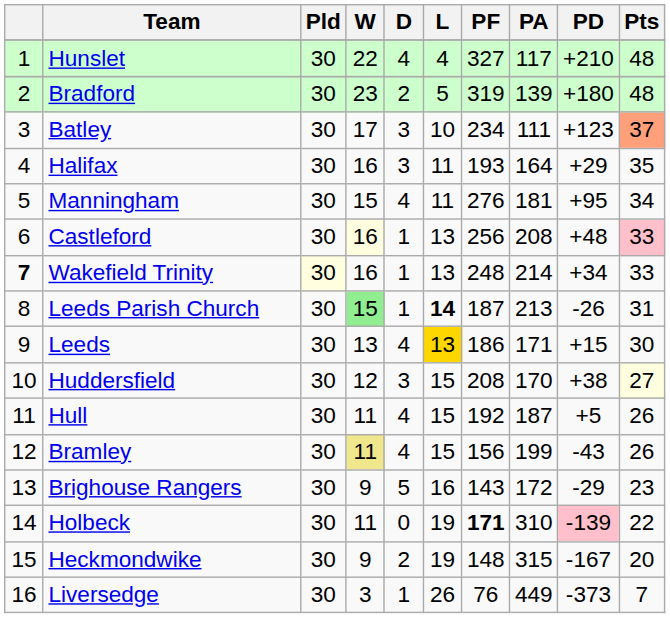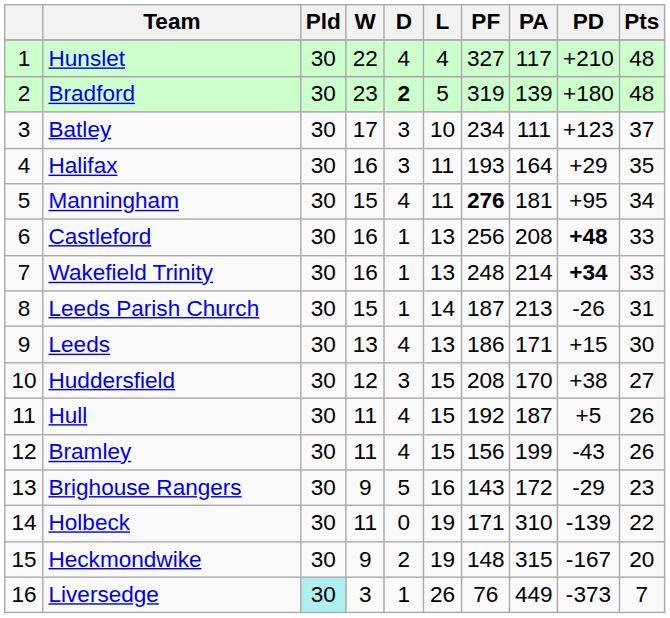 <table class="wikitable" style="text-align:center;">
 <tr>
 <th width=20 abbr="Position"></th>
 <th width=175>Team</th>
 <th width=20 abbr="Played">Pld</th>
 <th width=20 abbr="Won">W</th>
 <th width=20 abbr="Drawn">D</th>
 <th width=20 abbr="Lost">L</th>
 <th width=20 abbr="Points for">PF</th>
 <th width=20 abbr="Points against">PA</th>
 <th width=20 abbr="Points difference">PD</th>
 <th width=20 abbr="Points">Pts</th>
 </tr>
 <tr>
 </tr>
 <tr style="background:#ccffcc;">
 <td>1</td>
 <td style="text-align:left;"> <a href='#'>Hunslet</a></td>
 <td>30</td>
 <td>22</td>
 <td>4</td>
 <td>4</td>
 <td>327</td>
 <td>117</td>
 <td>+210</td>
 <td>48</td>
 </tr>
 <tr>
 </tr>
 <tr style="background:#ccffcc;">
 <td>2</td>
 <td style="text-align:left;"> <a href='#'>Bradford</a></td>
 <td>30</td>
 <td>23</td>
-<td>2</td>
+<td><strong>2</strong></td>
 <td>5</td>
 <td>319</td>
 <td>139</td>
 <td>+180</td>
 <td>48</td>
 </tr>
 <tr>
 <td>3</td>
 <td style="text-align:left;"> <a href='#'>Batley</a></td>
 <td>30</td>
 <td>17</td>
 <td>3</td>
 <td>10</td>
 <td>234</td>
 <td>111</td>
 <td>+123</td>
-<td style="background: lightsalmon;">37</td>
+<td>37</td>
 </tr>
 <tr>
 <td>4</td>
 <td style="text-align:left;"> <a href='#'>Halifax</a></td>
 <td>30</td>
 <td>16</td>
 <td>3</td>
 <td>11</td>
 <td>193</td>
 <td>164</td>
 <td>+29</td>
 <td>35</td>
 </tr>
 <tr>
 <td>5</td>
 <td style="text-align:left;"> <a href='#'>Manningham</a></td>
 <td>30</td>
 <td>15</td>
 <td>4</td>
 <td>11</td>
-<td>276</td>
+<td><strong>276</strong></td>
 <td>181</td>
 <td>+95</td>
 <td>34</td>
 </tr>
 <tr>
 <td>6</td>
 <td style="text-align:left;"> <a href='#'>Castleford</a></td>
 <td>30</td>
-<td style="background: lightyellow;">16</td>
+<td>16</td>
 <td>1</td>
 <td>13</td>
 <td>256</td>
 <td>208</td>
-<td>+48</td>
-<td style="background: pink;">33</td>
+<td><strong>+48</strong></td>
+<td>33</td>
 </tr>
 <tr>
-<td><strong>7</strong></td>
+<td>7</td>
 <td style="text-align:left;"> <a href='#'>Wakefield Trinity</a></td>
-<td style="background: lightyellow;">30</td>
+<td>30</td>
 <td>16</td>
 <td>1</td>
 <td>13</td>
 <td>248</td>
 <td>214</td>
-<td>+34</td>
+<td><strong>+34</strong></td>
 <td>33</td>
 </tr>
 <tr>
 <td>8</td>
 <td style="text-align:left;"><a href='#'>Leeds Parish Church</a></td>
 <td>30</td>
-<td style="background: lightgreen;">15</td>
+<td>15</td>
 <td>1</td>
-<td><strong>14</strong></td>
+<td>14</td>
 <td>187</td>
 <td>213</td>
 <td>-26</td>
 <td>31</td>
 </tr>
 <tr>
 <td>9</td>
 <td style="text-align:left;"> <a href='#'>Leeds</a></td>
 <td>30</td>
 <td>13</td>
 <td>4</td>
-<td style="background: gold;">13</td>
+<td>13</td>
 <td>186</td>
 <td>171</td>
 <td>+15</td>
 <td>30</td>
 </tr>
 <tr>
 <td>10</td>
 <td style="text-align:left;"> <a href='#'>Huddersfield</a></td>
 <td>30</td>
 <td>12</td>
 <td>3</td>
 <td>15</td>
 <td>208</td>
 <td>170</td>
 <td>+38</td>
-<td style="background: lightyellow;">27</td>
+<td>27</td>
 </tr>
 <tr>
 <td>11</td>
 <td style="text-align:left;"> <a href='#'>Hull</a></td>
 <td>30</td>
 <td>11</td>
 <td>4</td>
 <td>15</td>
 <td>192</td>
 <td>187</td>
 <td>+5</td>
 <td>26</td>
 </tr>
 <tr>
 <td>12</td>
 <td style="text-align:left;"><a href='#'>Bramley</a></td>
 <td>30</td>
-<td style="background: khaki;">11</td>
+<td>11</td>
 <td>4</td>
 <td>15</td>
 <td>156</td>
 <td>199</td>
 <td>-43</td>
 <td>26</td>
 </tr>
 <tr>
 <td>13</td>
 <td style="text-align:left;"><a href='#'>Brighouse Rangers</a></td>
 <td>30</td>
 <td>9</td>
 <td>5</td>
 <td>16</td>
 <td>143</td>
 <td>172</td>
 <td>-29</td>
 <td>23</td>
 </tr>
 <tr>
 <td>14</td>
 <td style="text-align:left;"><a href='#'>Holbeck</a></td>
 <td>30</td>
 <td>11</td>
 <td>0</td>
 <td>19</td>
-<td><strong>171</strong></td>
+<td>171</td>
 <td>310</td>
-<td style="background: pink;">-139</td>
+<td>-139</td>
 <td>22</td>
 </tr>
 <tr>
 <td>15</td>
 <td style="text-align:left;"><a href='#'>Heckmondwike</a></td>
 <td>30</td>
 <td>9</td>
 <td>2</td>
 <td>19</td>
 <td>148</td>
 <td>315</td>
 <td>-167</td>
 <td>20</td>
 </tr>
 <tr>
 <td>16</td>
 <td style="text-align:left;"><a href='#'>Liversedge</a></td>
-<td>30</td>
+<td style="background: paleturquoise;">30</td>
 <td>3</td>
 <td>1</td>
 <td>26</td>
 <td>76</td>
 <td>449</td>
 <td>-373</td>
 <td>7</td>
 </tr>
 </table>
